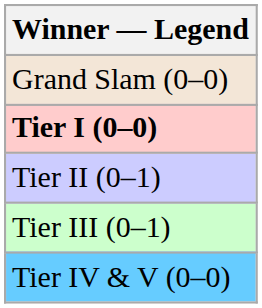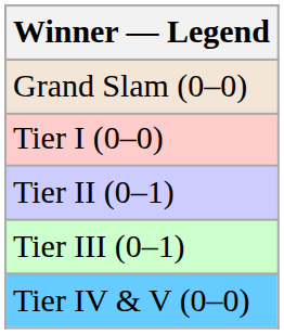 <table class=wikitable style=font-size:90%>
 <tr>
 <th>Winner — Legend</th>
 </tr>
 <tr>
 <td style="background:#f3e6d7;">Grand Slam (0–0)</td>
 </tr>
 <tr>
-<td style="background:#fcc;"><strong>Tier I (0–0)</strong></td>
+<td style="background:#fcc;">Tier I (0–0)</td>
 </tr>
 <tr>
 <td style="background:#ccf;">Tier II (0–1)</td>
 </tr>
 <tr>
 <td style="background:#cfc;">Tier III (0–1)</td>
 </tr>
 <tr>
 <td style="background:#6cf;">Tier IV & V (0–0)</td>
 </tr>
 </table>
